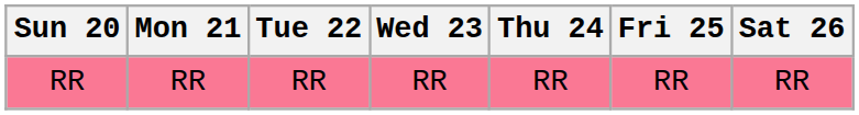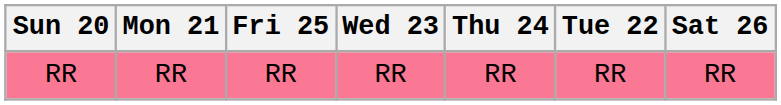 <table class="wikitable" style="margin:0.5em auto; font-size:90%; line-height:1.25em; text-align:center">
 <tr>
 <th>Sun 20</th>
 <th>Mon 21</th>
-<th>Tue 22</th>
+<th>Fri 25</th>
 <th>Wed 23</th>
 <th>Thu 24</th>
-<th>Fri 25</th>
+<th>Tue 22</th>
 <th>Sat 26</th>
 </tr>
 <tr>
 <td bgcolor="#FA7894">RR</td>
 <td bgcolor="#FA7894">RR</td>
 <td bgcolor="#FA7894">RR</td>
 <td bgcolor="#FA7894">RR</td>
 <td bgcolor="#FA7894">RR</td>
 <td bgcolor="#FA7894">RR</td>
 <td bgcolor="#FA7894">RR</td>
 </tr>
 </table>
